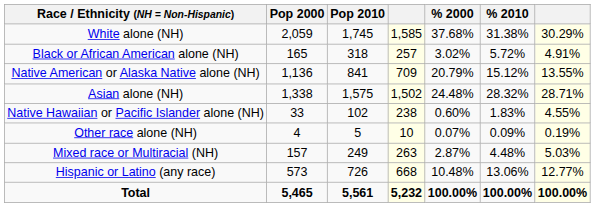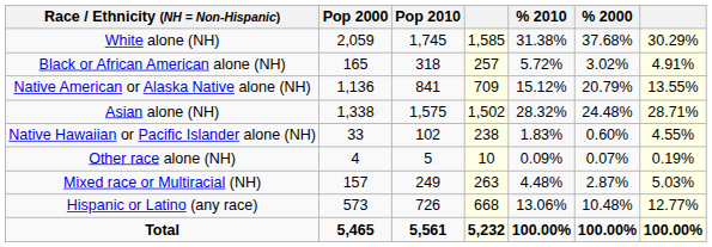 <table class="wikitable" style="text-align:center;">
 <tr>
 <th>Race / Ethnicity <small>(<em>NH = Non-Hispanic</em>)</small></th>
 <th>Pop 2000</th>
 <th>Pop 2010</th>
 <th></th>
+<th>% 2010</th>
 <th>% 2000</th>
-<th>% 2010</th>
 <th></th>
 </tr>
 <tr>
 <td><a href='#'>White</a> alone (NH)</td>
 <td>2,059</td>
 <td>1,745</td>
 <td style='background: #ffffe6;'>1,585</td>
+<td>31.38%</td>
 <td>37.68%</td>
-<td>31.38%</td>
 <td style='background: #ffffe6;'>30.29%</td>
 </tr>
 <tr>
 <td><a href='#'>Black or African American</a> alone (NH)</td>
 <td>165</td>
 <td>318</td>
 <td style='background: #ffffe6;'>257</td>
+<td>5.72%</td>
 <td>3.02%</td>
-<td>5.72%</td>
 <td style='background: #ffffe6;'>4.91%</td>
 </tr>
 <tr>
 <td><a href='#'>Native American</a> or <a href='#'>Alaska Native</a> alone (NH)</td>
 <td>1,136</td>
 <td>841</td>
 <td style='background: #ffffe6;'>709</td>
+<td>15.12%</td>
 <td>20.79%</td>
-<td>15.12%</td>
 <td style='background: #ffffe6;'>13.55%</td>
 </tr>
 <tr>
 <td><a href='#'>Asian</a> alone (NH)</td>
 <td>1,338</td>
 <td>1,575</td>
 <td style='background: #ffffe6;'>1,502</td>
+<td>28.32%</td>
 <td>24.48%</td>
-<td>28.32%</td>
 <td style='background: #ffffe6;'>28.71%</td>
 </tr>
 <tr>
 <td><a href='#'>Native Hawaiian</a> or <a href='#'>Pacific Islander</a> alone (NH)</td>
 <td>33</td>
 <td>102</td>
 <td style='background: #ffffe6;'>238</td>
+<td>1.83%</td>
 <td>0.60%</td>
-<td>1.83%</td>
 <td style='background: #ffffe6;'>4.55%</td>
 </tr>
 <tr>
 <td><a href='#'>Other race</a> alone (NH)</td>
 <td>4</td>
 <td>5</td>
 <td style='background: #ffffe6;'>10</td>
+<td>0.09%</td>
 <td>0.07%</td>
-<td>0.09%</td>
 <td style='background: #ffffe6;'>0.19%</td>
 </tr>
 <tr>
 <td><a href='#'>Mixed race or Multiracial</a> (NH)</td>
 <td>157</td>
 <td>249</td>
 <td style='background: #ffffe6;'>263</td>
+<td>4.48%</td>
 <td>2.87%</td>
-<td>4.48%</td>
 <td style='background: #ffffe6;'>5.03%</td>
 </tr>
 <tr>
 <td><a href='#'>Hispanic or Latino</a> (any race)</td>
 <td>573</td>
 <td>726</td>
 <td style='background: #ffffe6;'>668</td>
+<td>13.06%</td>
 <td>10.48%</td>
-<td>13.06%</td>
 <td style='background: #ffffe6;'>12.77%</td>
 </tr>
 <tr>
 <td><strong>Total</strong></td>
 <td><strong>5,465</strong></td>
 <td><strong>5,561</strong></td>
 <td style='background: #ffffe6;'><strong>5,232</strong></td>
 <td><strong>100.00%</strong></td>
 <td><strong>100.00%</strong></td>
 <td style='background: #ffffe6;'><strong>100.00%</strong></td>
 </tr>
 </table>
